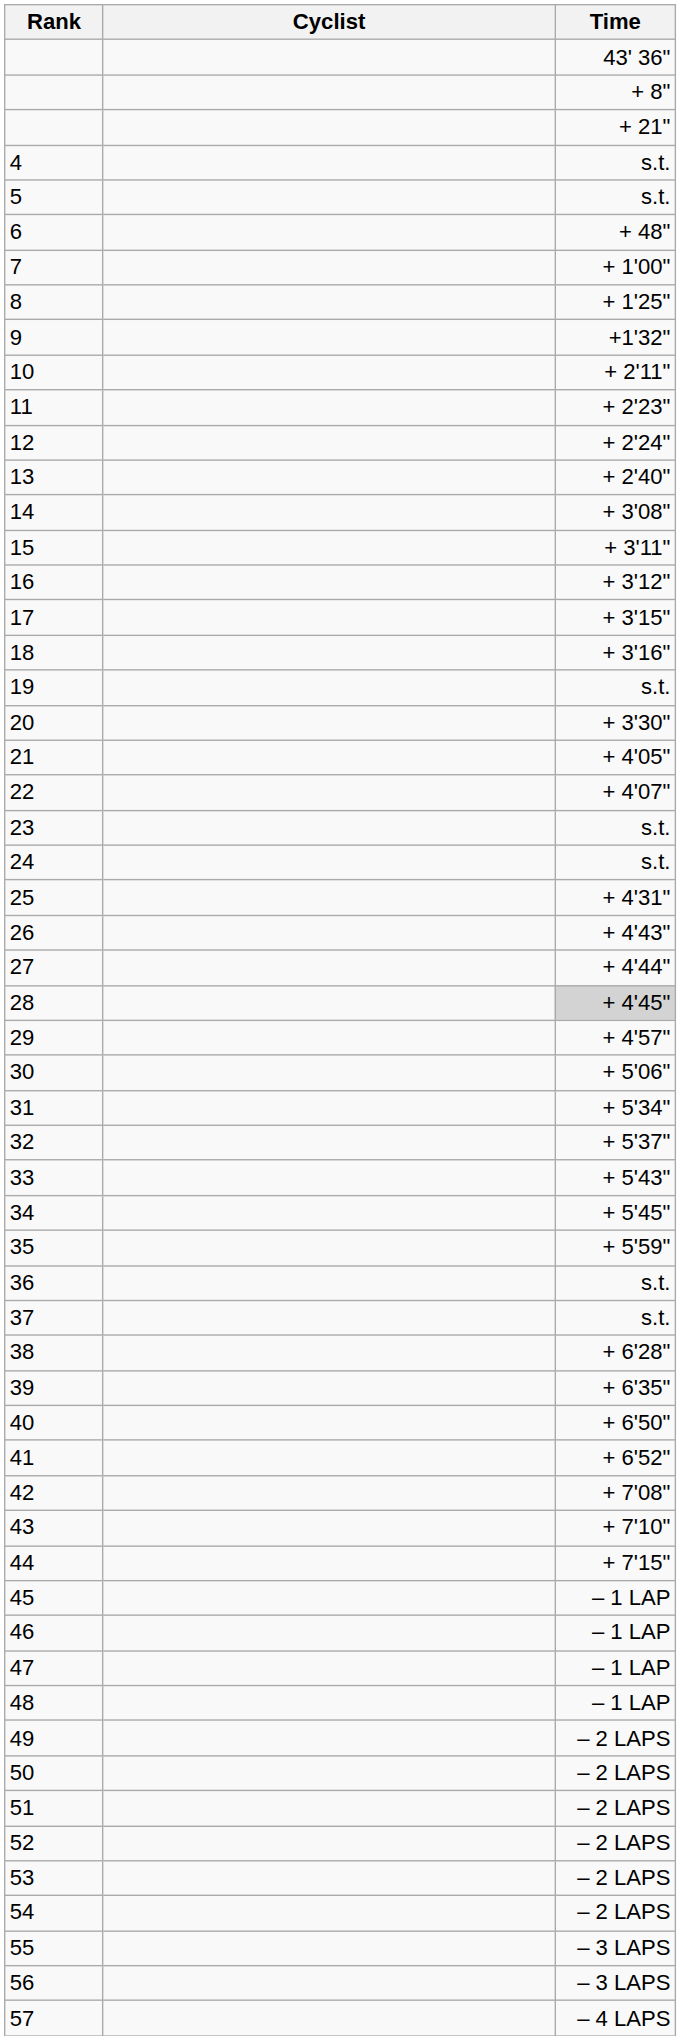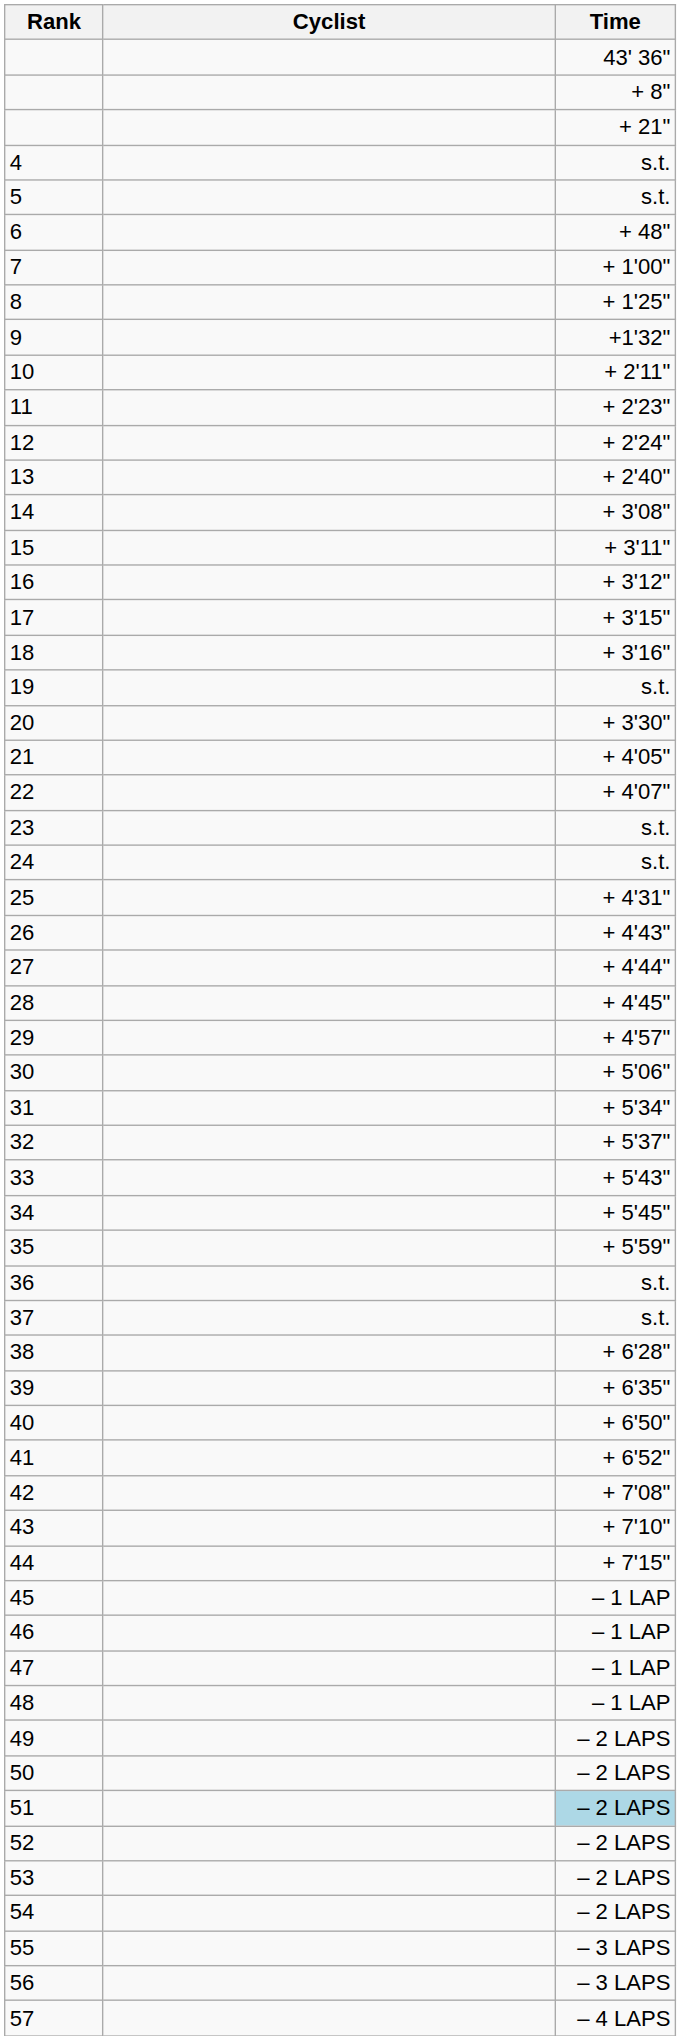 <table class="wikitable">
 <tr>
 <th style="width: 4em;">Rank</th>
 <th style="width: 20em;">Cyclist</th>
 <th style="width: 5em;">Time</th>
 </tr>
 <tr>
 <td></td>
 <td></td>
 <td align="right">43' 36"</td>
 </tr>
 <tr>
 <td></td>
 <td></td>
 <td align="right">+ 8"</td>
 </tr>
 <tr>
 <td></td>
 <td></td>
 <td align="right">+ 21"</td>
 </tr>
 <tr>
 <td>4</td>
 <td></td>
 <td align="right">s.t.</td>
 </tr>
 <tr>
 <td>5</td>
 <td></td>
 <td align="right">s.t.</td>
 </tr>
 <tr>
 <td>6</td>
 <td></td>
 <td align="right">+ 48"</td>
 </tr>
 <tr>
 <td>7</td>
 <td></td>
 <td align="right">+ 1'00"</td>
 </tr>
 <tr>
 <td>8</td>
 <td></td>
 <td align="right">+ 1'25"</td>
 </tr>
 <tr>
 <td>9</td>
 <td></td>
 <td align="right">+1'32"</td>
 </tr>
 <tr>
 <td>10</td>
 <td></td>
 <td align="right">+ 2'11"</td>
 </tr>
 <tr>
 <td>11</td>
 <td></td>
 <td align="right">+ 2'23"</td>
 </tr>
 <tr>
 <td>12</td>
 <td></td>
 <td align="right">+ 2'24"</td>
 </tr>
 <tr>
 <td>13</td>
 <td></td>
 <td align="right">+ 2'40"</td>
 </tr>
 <tr>
 <td>14</td>
 <td></td>
 <td align="right">+ 3'08"</td>
 </tr>
 <tr>
 <td>15</td>
 <td></td>
 <td align="right">+ 3'11"</td>
 </tr>
 <tr>
 <td>16</td>
 <td></td>
 <td align="right">+ 3'12"</td>
 </tr>
 <tr>
 <td>17</td>
 <td></td>
 <td align="right">+ 3'15"</td>
 </tr>
 <tr>
 <td>18</td>
 <td></td>
 <td align="right">+ 3'16"</td>
 </tr>
 <tr>
 <td>19</td>
 <td></td>
 <td align="right">s.t.</td>
 </tr>
 <tr>
 <td>20</td>
 <td></td>
 <td align="right">+ 3'30"</td>
 </tr>
 <tr>
 <td>21</td>
 <td></td>
 <td align="right">+ 4'05"</td>
 </tr>
 <tr>
 <td>22</td>
 <td></td>
 <td align="right">+ 4'07"</td>
 </tr>
 <tr>
 <td>23</td>
 <td></td>
 <td align="right">s.t.</td>
 </tr>
 <tr>
 <td>24</td>
 <td></td>
 <td align="right">s.t.</td>
 </tr>
 <tr>
 <td>25</td>
 <td></td>
 <td align="right">+ 4'31"</td>
 </tr>
 <tr>
 <td>26</td>
 <td></td>
 <td align="right">+ 4'43"</td>
 </tr>
 <tr>
 <td>27</td>
 <td></td>
 <td align="right">+ 4'44"</td>
 </tr>
 <tr>
 <td>28</td>
 <td></td>
-<td align="right" style="background: lightgrey;">+ 4'45"</td>
+<td align="right">+ 4'45"</td>
 </tr>
 <tr>
 <td>29</td>
 <td></td>
 <td align="right">+ 4'57"</td>
 </tr>
 <tr>
 <td>30</td>
 <td></td>
 <td align="right">+ 5'06"</td>
 </tr>
 <tr>
 <td>31</td>
 <td></td>
 <td align="right">+ 5'34"</td>
 </tr>
 <tr>
 <td>32</td>
 <td></td>
 <td align="right">+ 5'37"</td>
 </tr>
 <tr>
 <td>33</td>
 <td></td>
 <td align="right">+ 5'43"</td>
 </tr>
 <tr>
 <td>34</td>
 <td></td>
 <td align="right">+ 5'45"</td>
 </tr>
 <tr>
 <td>35</td>
 <td></td>
 <td align="right">+ 5'59"</td>
 </tr>
 <tr>
 <td>36</td>
 <td></td>
 <td align="right">s.t.</td>
 </tr>
 <tr>
 <td>37</td>
 <td></td>
 <td align="right">s.t.</td>
 </tr>
 <tr>
 <td>38</td>
 <td></td>
 <td align="right">+ 6'28"</td>
 </tr>
 <tr>
 <td>39</td>
 <td></td>
 <td align="right">+ 6'35"</td>
 </tr>
 <tr>
 <td>40</td>
 <td></td>
 <td align="right">+ 6'50"</td>
 </tr>
 <tr>
 <td>41</td>
 <td></td>
 <td align="right">+ 6'52"</td>
 </tr>
 <tr>
 <td>42</td>
 <td></td>
 <td align="right">+ 7'08"</td>
 </tr>
 <tr>
 <td>43</td>
 <td></td>
 <td align="right">+ 7'10"</td>
 </tr>
 <tr>
 <td>44</td>
 <td></td>
 <td align="right">+ 7'15"</td>
 </tr>
 <tr>
 <td>45</td>
 <td></td>
 <td align="right">– 1 LAP</td>
 </tr>
 <tr>
 <td>46</td>
 <td></td>
 <td align="right">– 1 LAP</td>
 </tr>
 <tr>
 <td>47</td>
 <td></td>
 <td align="right">– 1 LAP</td>
 </tr>
 <tr>
 <td>48</td>
 <td></td>
 <td align="right">– 1 LAP</td>
 </tr>
 <tr>
 <td>49</td>
 <td></td>
 <td align="right">– 2 LAPS</td>
 </tr>
 <tr>
 <td>50</td>
 <td></td>
 <td align="right">– 2 LAPS</td>
 </tr>
 <tr>
 <td>51</td>
 <td></td>
-<td align="right">– 2 LAPS</td>
+<td align="right" style="background: lightblue;">– 2 LAPS</td>
 </tr>
 <tr>
 <td>52</td>
 <td></td>
 <td align="right">– 2 LAPS</td>
 </tr>
 <tr>
 <td>53</td>
 <td></td>
 <td align="right">– 2 LAPS</td>
 </tr>
 <tr>
 <td>54</td>
 <td></td>
 <td align="right">– 2 LAPS</td>
 </tr>
 <tr>
 <td>55</td>
 <td></td>
 <td align="right">– 3 LAPS</td>
 </tr>
 <tr>
 <td>56</td>
 <td></td>
 <td align="right">– 3 LAPS</td>
 </tr>
 <tr>
 <td>57</td>
 <td></td>
 <td align="right">– 4 LAPS</td>
 </tr>
 </table>
